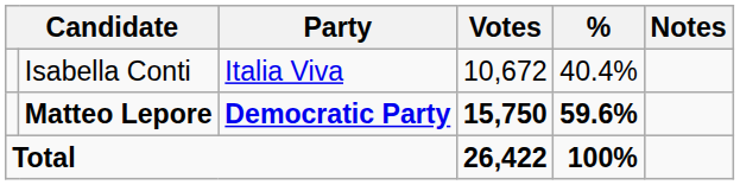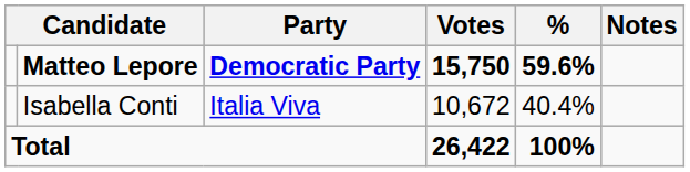 <table class="wikitable" style="font-size:95%">
 <tr style="background:#efefef;">
 <th colspan=2>Candidate</th>
 <th>Party</th>
 <th>Votes</th>
 <th>%</th>
 <th>Notes</th>
 </tr>
 <tr>
 <td></td>
+<td><strong>Matteo Lepore</strong></td>
+<td><strong><a href='#'>Democratic Party</a></strong></td>
+<td align=right><strong>15,750</strong></td>
+<td><strong>59.6%</strong></td>
+<td></td>
+</tr>
+<tr>
+<td></td>
 <td>Isabella Conti</td>
 <td><a href='#'>Italia Viva</a></td>
 <td align=right>10,672</td>
 <td>40.4%</td>
-<td></td>
-</tr>
-<tr>
-<td></td>
-<td><strong>Matteo Lepore</strong></td>
-<td><strong><a href='#'>Democratic Party</a></strong></td>
-<td align=right><strong>15,750</strong></td>
-<td><strong>59.6%</strong></td>
 <td></td>
 </tr>
 <tr>
 <td align="left" colspan=3><strong>Total</strong></td>
 <td align="right"><strong>26,422</strong></td>
 <td align="right"><strong>100%</strong></td>
 <td align="right"></td>
 </tr>
 </table>
